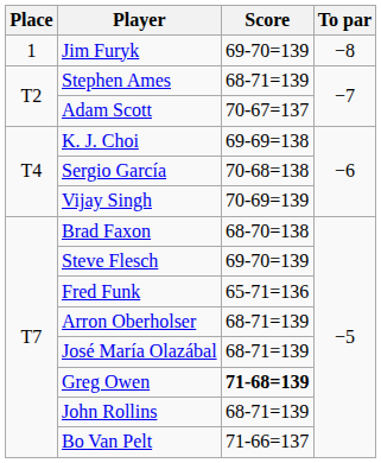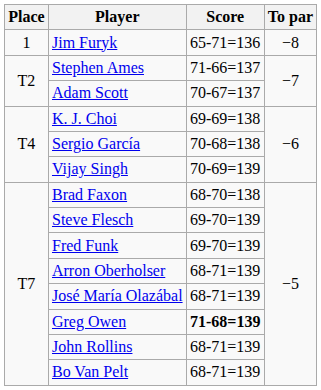 <table class="wikitable">
 <tr>
 <th>Place</th>
 <th>Player</th>
 <th>Score</th>
 <th>To par</th>
 </tr>
 <tr>
 <td style="text-align:center; text-align:center;">1</td>
 <td> <a href='#'>Jim Furyk</a></td>
-<td>69-70=139</td>
+<td>65-71=136</td>
 <td align=center>−8</td>
 </tr>
 <tr>
 <td rowspan="2" style="text-align:center;">T2</td>
 <td> <a href='#'>Stephen Ames</a></td>
-<td>68-71=139</td>
+<td>71-66=137</td>
 <td rowspan="2" style="text-align:center;">−7</td>
 </tr>
 <tr>
 <td> <a href='#'>Adam Scott</a></td>
 <td>70-67=137</td>
 </tr>
 <tr>
 <td rowspan="3" style="text-align:center;">T4</td>
 <td> <a href='#'>K. J. Choi</a></td>
 <td>69-69=138</td>
 <td rowspan="3" style="text-align:center;">−6</td>
 </tr>
 <tr>
 <td> <a href='#'>Sergio García</a></td>
 <td>70-68=138</td>
 </tr>
 <tr>
 <td> <a href='#'>Vijay Singh</a></td>
 <td>70-69=139</td>
 </tr>
 <tr>
 <td rowspan="8" style="text-align:center;">T7</td>
 <td> <a href='#'>Brad Faxon</a></td>
 <td>68-70=138</td>
 <td rowspan="8" style="text-align:center;">−5</td>
 </tr>
 <tr>
 <td> <a href='#'>Steve Flesch</a></td>
 <td>69-70=139</td>
 </tr>
 <tr>
 <td> <a href='#'>Fred Funk</a></td>
-<td>65-71=136</td>
+<td>69-70=139</td>
 </tr>
 <tr>
 <td> <a href='#'>Arron Oberholser</a></td>
 <td>68-71=139</td>
 </tr>
 <tr>
 <td> <a href='#'>José María Olazábal</a></td>
 <td>68-71=139</td>
 </tr>
 <tr>
 <td> <a href='#'>Greg Owen</a></td>
 <td><strong>71-68=139</strong></td>
 </tr>
 <tr>
 <td> <a href='#'>John Rollins</a></td>
 <td>68-71=139</td>
 </tr>
 <tr>
 <td> <a href='#'>Bo Van Pelt</a></td>
-<td>71-66=137</td>
+<td>68-71=139</td>
 </tr>
 </table>
